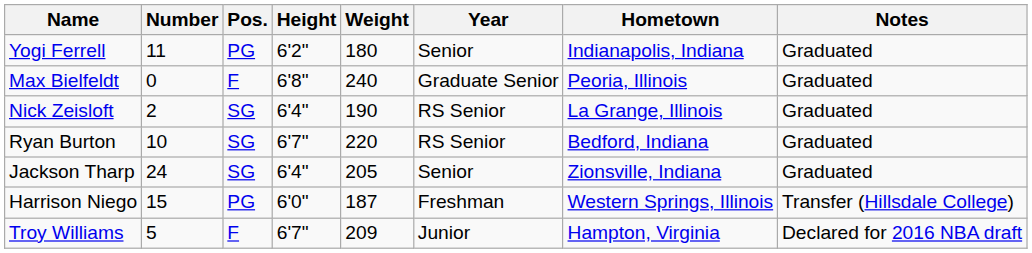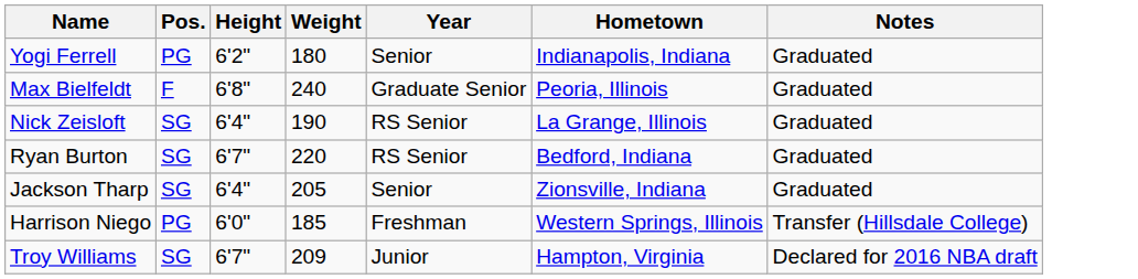 <table class="wikitable sortable" border="1">
 <tr align=center>
 <th>Name</th>
-<th>Number</th>
 <th>Pos.</th>
 <th>Height</th>
 <th>Weight</th>
 <th>Year</th>
 <th>Hometown</th>
 <th>Notes</th>
 </tr>
 <tr>
 <td sortname><a href='#'>Yogi Ferrell</a></td>
-<td>11</td>
 <td><a href='#'>PG</a></td>
 <td>6'2"</td>
 <td>180</td>
 <td>Senior</td>
 <td><a href='#'>Indianapolis, Indiana</a></td>
 <td>Graduated</td>
 </tr>
 <tr>
 <td sortname><a href='#'>Max Bielfeldt</a></td>
-<td>0</td>
 <td><a href='#'>F</a></td>
 <td>6'8"</td>
 <td>240</td>
 <td>Graduate Senior</td>
 <td><a href='#'>Peoria, Illinois</a></td>
 <td>Graduated</td>
 </tr>
 <tr>
 <td sortname><a href='#'>Nick Zeisloft</a></td>
-<td>2</td>
 <td><a href='#'>SG</a></td>
 <td>6'4"</td>
 <td>190</td>
 <td>RS Senior</td>
 <td><a href='#'>La Grange, Illinois</a></td>
 <td>Graduated</td>
 </tr>
 <tr>
 <td sortname>Ryan Burton</td>
-<td>10</td>
 <td><a href='#'>SG</a></td>
 <td>6'7"</td>
 <td>220</td>
 <td>RS Senior</td>
 <td><a href='#'>Bedford, Indiana</a></td>
 <td>Graduated</td>
 </tr>
 <tr>
 <td sortname>Jackson Tharp</td>
-<td>24</td>
 <td><a href='#'>SG</a></td>
 <td>6'4"</td>
 <td>205</td>
 <td>Senior</td>
 <td><a href='#'>Zionsville, Indiana</a></td>
 <td>Graduated</td>
 </tr>
 <tr>
 <td sortname>Harrison Niego</td>
-<td>15</td>
 <td><a href='#'>PG</a></td>
 <td>6'0"</td>
-<td>187</td>
+<td>185</td>
 <td>Freshman</td>
 <td><a href='#'>Western Springs, Illinois</a></td>
 <td>Transfer (<a href='#'>Hillsdale College</a>)</td>
 </tr>
 <tr>
 <td sortname><a href='#'>Troy Williams</a></td>
-<td>5</td>
-<td><a href='#'>F</a></td>
+<td><a href='#'>SG</a></td>
 <td>6'7"</td>
 <td>209</td>
 <td>Junior</td>
 <td><a href='#'>Hampton, Virginia</a></td>
 <td>Declared for <a href='#'>2016 NBA draft</a></td>
 </tr>
 </table>
